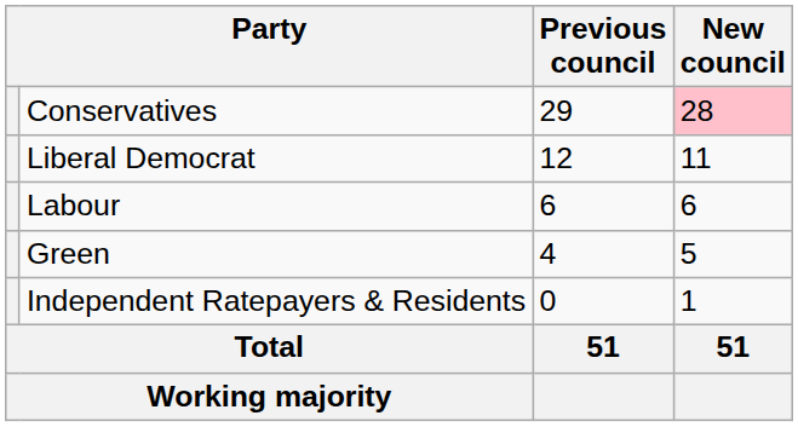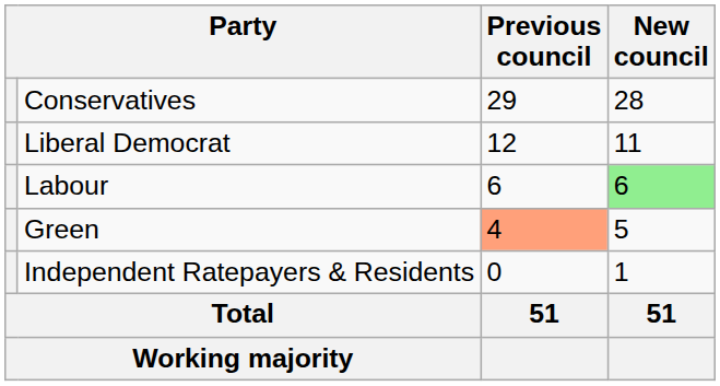 <table class="wikitable">
 <tr>
 <th valign=top colspan="2" style="width: 230px">Party</th>
 <th valign=top style="width: 30px">Previous council</th>
 <th valign=top style="width: 30px">New council</th>
 </tr>
 <tr>
 <th style="background-color: "></th>
 <td>Conservatives</td>
 <td>29</td>
-<td style="background: pink;">28</td>
+<td>28</td>
 </tr>
 <tr>
 <th style="background-color: "></th>
 <td>Liberal Democrat</td>
 <td>12</td>
 <td>11</td>
 </tr>
 <tr>
 <th style="background-color: "></th>
 <td>Labour</td>
 <td>6</td>
-<td>6</td>
+<td style="background: lightgreen;">6</td>
 </tr>
 <tr>
 <th style="background-color: "></th>
 <td>Green</td>
-<td>4</td>
+<td style="background: lightsalmon;">4</td>
 <td>5</td>
 </tr>
 <tr>
 <th style="background-color: "></th>
 <td>Independent Ratepayers & Residents</td>
 <td>0</td>
 <td>1</td>
 </tr>
 <tr>
 <th colspan=2>Total</th>
 <th style="text-align: center">51</th>
 <th colspan=3>51</th>
 </tr>
 <tr>
 <th colspan=2>Working majority</th>
 <th></th>
 <th></th>
 </tr>
 </table>
